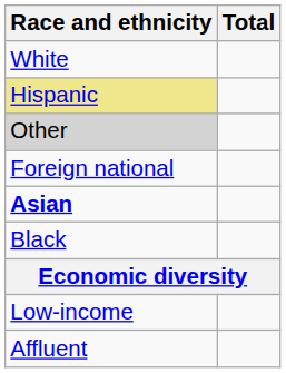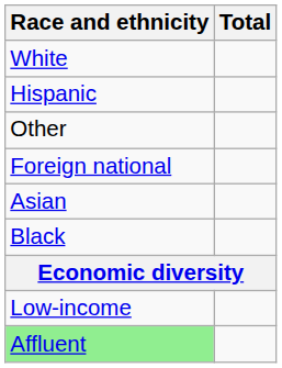 <table class="wikitable floatright sortable collapsible"; text-align:right; font-size:80%;">
 <tr>
 <th>Race and ethnicity</th>
 <th colspan="2" data-sort-type=number>Total</th>
 </tr>
 <tr>
 <td><a href='#'>White</a></td>
 <td align=right></td>
 </tr>
 <tr>
-<td style="background: khaki;"><a href='#'>Hispanic</a></td>
+<td><a href='#'>Hispanic</a></td>
 <td align=right></td>
 </tr>
 <tr>
-<td style="background: lightgrey;">Other</td>
+<td>Other</td>
 <td align=right></td>
 </tr>
 <tr>
 <td><a href='#'>Foreign national</a></td>
 <td align=right></td>
 </tr>
 <tr>
-<td><strong><a href='#'>Asian</a></strong></td>
+<td><a href='#'>Asian</a></td>
 <td align=right></td>
 </tr>
 <tr>
 <td><a href='#'>Black</a></td>
 <td align=right></td>
 </tr>
 <tr>
 <th colspan="4" data-sort-type=number><a href='#'>Economic diversity</a></th>
 </tr>
 <tr>
 <td><a href='#'>Low-income</a></td>
 <td align=right></td>
 </tr>
 <tr>
-<td><a href='#'>Affluent</a></td>
+<td style="background: lightgreen;"><a href='#'>Affluent</a></td>
 <td align=right></td>
 </tr>
 </table>
